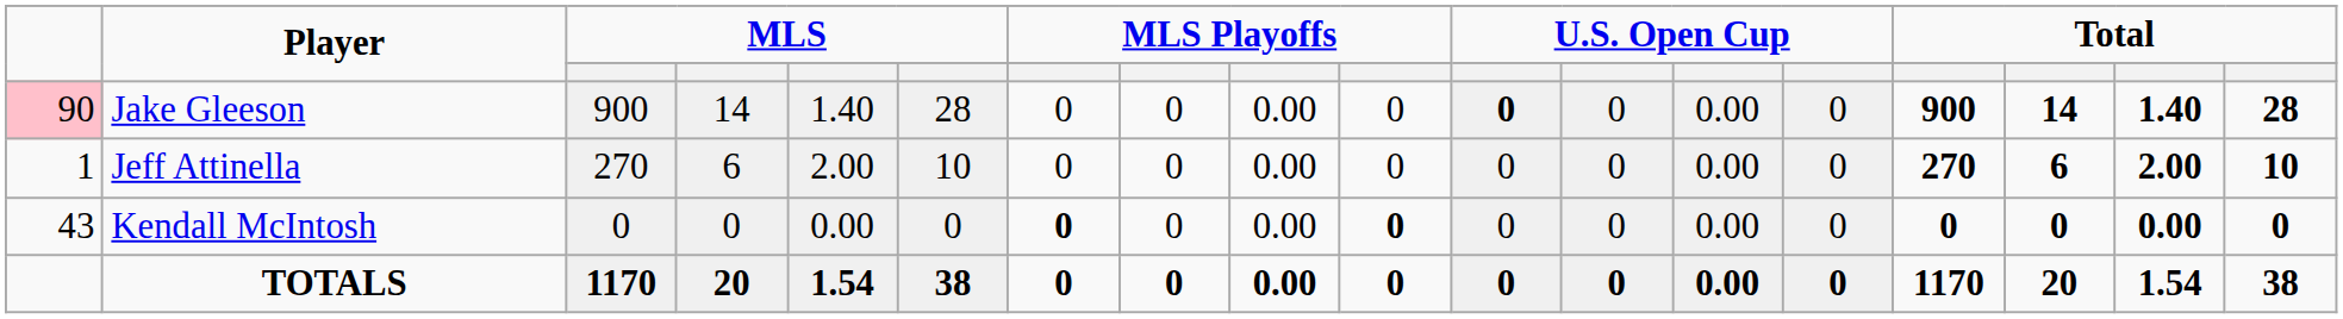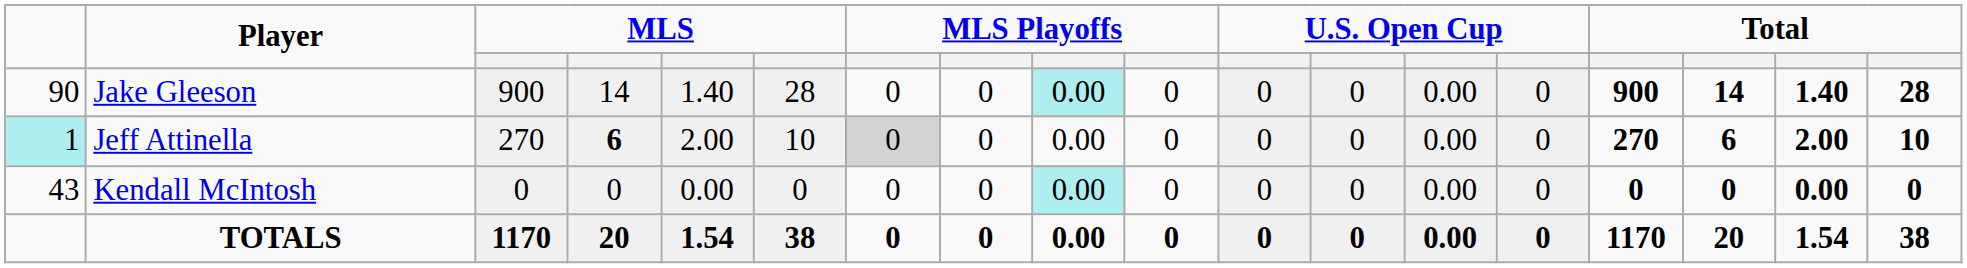 <table class="wikitable" style="text-align:center;">
 <tr>
 <td rowspan="2" style="width:35px; text-align:center;"><strong></strong></td>
 <td rowspan="2" style="width:195px; text-align:center;"><strong>Player</strong></td>
 <td colspan="4" style="text-align:center;"><strong><a href='#'>MLS</a></strong></td>
 <td colspan="4" style="text-align:center;"><strong><a href='#'>MLS Playoffs</a></strong></td>
 <td colspan="4" style="text-align:center;"><strong><a href='#'>U.S. Open Cup</a></strong></td>
 <td colspan="4" style="text-align:center;"><strong>Total</strong></td>
 </tr>
 <tr>
 <th width=41></th>
 <th width=41></th>
 <th width=41></th>
 <th width=41></th>
 <th width=41></th>
 <th width=41></th>
 <th width=41></th>
 <th width=41></th>
 <th width=41></th>
 <th width=41></th>
 <th width=41></th>
 <th width=41></th>
 <th width=41></th>
 <th width=41></th>
 <th width=41></th>
 <th width=41></th>
 </tr>
 <tr>
-<td style="background: pink; text-align: right;">90</td>
+<td style="text-align: right;">90</td>
 <td style="text-align: left;"> <a href='#'>Jake Gleeson</a></td>
 <td style="background: #F0F0F0;">900</td>
 <td style="background: #F0F0F0;">14</td>
 <td style="background: #F0F0F0;">1.40</td>
 <td style="background: #F0F0F0;">28</td>
 <td>0</td>
 <td>0</td>
-<td>0.00</td>
+<td style="background: paleturquoise;">0.00</td>
 <td>0</td>
-<td style="background: #F0F0F0;"><strong>0</strong></td>
+<td style="background: #F0F0F0;">0</td>
 <td style="background: #F0F0F0;">0</td>
 <td style="background: #F0F0F0;">0.00</td>
 <td style="background: #F0F0F0;">0</td>
 <td><strong>900</strong></td>
 <td><strong>14</strong></td>
 <td><strong>1.40</strong></td>
 <td><strong>28</strong></td>
 </tr>
 <tr>
-<td style="text-align: right;">1</td>
+<td style="background: paleturquoise; text-align: right;">1</td>
 <td style="text-align: left;"> <a href='#'>Jeff Attinella</a></td>
 <td style="background: #F0F0F0;">270</td>
-<td style="background: #F0F0F0;">6</td>
+<td style="background: #F0F0F0;"><strong>6</strong></td>
 <td style="background: #F0F0F0;">2.00</td>
 <td style="background: #F0F0F0;">10</td>
-<td>0</td>
+<td style="background: lightgrey;">0</td>
 <td>0</td>
 <td>0.00</td>
 <td>0</td>
 <td style="background: #F0F0F0;">0</td>
 <td style="background: #F0F0F0;">0</td>
 <td style="background: #F0F0F0;">0.00</td>
 <td style="background: #F0F0F0;">0</td>
 <td><strong>270</strong></td>
 <td><strong>6</strong></td>
 <td><strong>2.00</strong></td>
 <td><strong>10</strong></td>
 </tr>
 <tr>
 <td style="text-align: right;">43</td>
 <td style="text-align: left;"> <a href='#'>Kendall McIntosh</a></td>
 <td style="background: #F0F0F0;">0</td>
 <td style="background: #F0F0F0;">0</td>
 <td style="background: #F0F0F0;">0.00</td>
 <td style="background: #F0F0F0;">0</td>
-<td><strong>0</strong></td>
 <td>0</td>
-<td>0.00</td>
-<td><strong>0</strong></td>
+<td>0</td>
+<td style="background: paleturquoise;">0.00</td>
+<td>0</td>
 <td style="background: #F0F0F0;">0</td>
 <td style="background: #F0F0F0;">0</td>
 <td style="background: #F0F0F0;">0.00</td>
 <td style="background: #F0F0F0;">0</td>
 <td><strong>0</strong></td>
 <td><strong>0</strong></td>
 <td><strong>0.00</strong></td>
 <td><strong>0</strong></td>
 </tr>
 <tr>
 <td></td>
 <td><strong>TOTALS</strong></td>
 <td style="background: #F0F0F0;"><strong>1170</strong></td>
 <td style="background: #F0F0F0;"><strong>20</strong></td>
 <td style="background: #F0F0F0;"><strong>1.54</strong></td>
 <td style="background: #F0F0F0;"><strong>38</strong></td>
 <td><strong>0</strong></td>
 <td><strong>0</strong></td>
 <td><strong>0.00</strong></td>
 <td><strong>0</strong></td>
 <td style="background: #F0F0F0;"><strong>0</strong></td>
 <td style="background: #F0F0F0;"><strong>0</strong></td>
 <td style="background: #F0F0F0;"><strong>0.00</strong></td>
 <td style="background: #F0F0F0;"><strong>0</strong></td>
 <td><strong>1170</strong></td>
 <td><strong>20</strong></td>
 <td><strong>1.54</strong></td>
 <td><strong>38</strong></td>
 </tr>
 </table>
